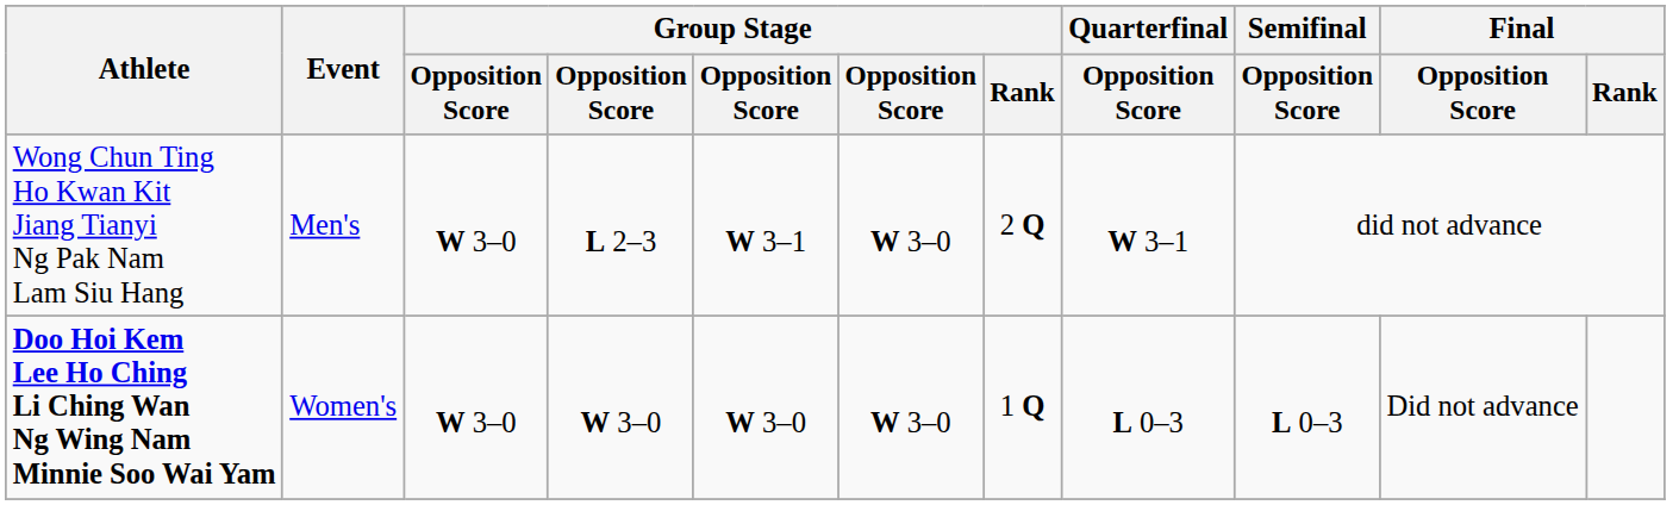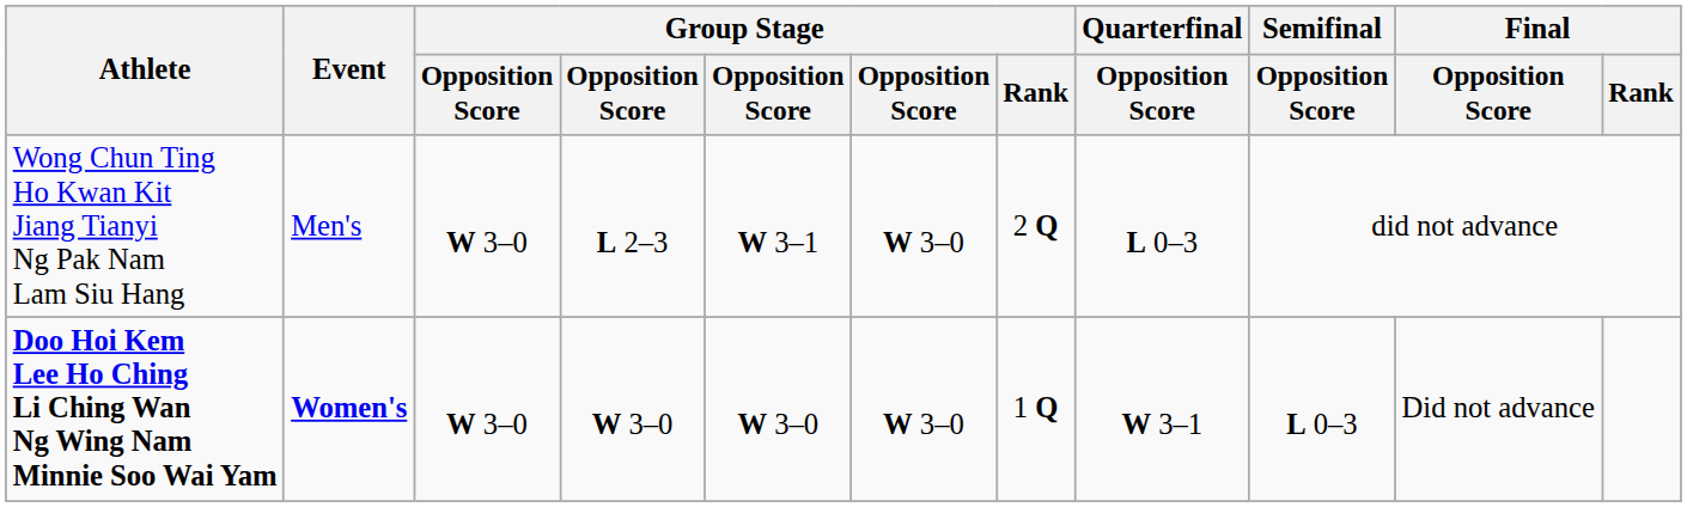 <table class=wikitable style=font-size:87%;text-align:center>
 <tr>
 <th rowspan="2">Athlete</th>
 <th rowspan="2">Event</th>
 <th colspan="5">Group Stage</th>
 <th>Quarterfinal</th>
 <th>Semifinal</th>
 <th colspan="2">Final</th>
 </tr>
 <tr style="font-size:95%">
 <th>Opposition<br>Score</th>
 <th>Opposition<br>Score</th>
 <th>Opposition<br>Score</th>
 <th>Opposition<br>Score</th>
 <th>Rank</th>
 <th>Opposition<br>Score</th>
 <th>Opposition<br>Score</th>
 <th>Opposition<br>Score</th>
 <th>Rank</th>
 </tr>
 <tr>
 <td align=left><a href='#'>Wong Chun Ting</a><br><a href='#'>Ho Kwan Kit</a><br><a href='#'>Jiang Tianyi</a><br>Ng Pak Nam<br>Lam Siu Hang</td>
 <td align=left><a href='#'>Men's</a></td>
 <td><br><strong>W</strong> 3–0</td>
 <td><br><strong>L</strong> 2–3</td>
 <td><br><strong>W</strong> 3–1</td>
 <td><br><strong>W</strong> 3–0</td>
 <td>2 <strong>Q</strong></td>
-<td><br><strong>W</strong> 3–1</td>
+<td><br><strong>L</strong> 0–3</td>
 <td colspan=3>did not advance</td>
 </tr>
 <tr>
 <td align=left><strong><a href='#'>Doo Hoi Kem</a><br><a href='#'>Lee Ho Ching</a><br>Li Ching Wan<br>Ng Wing Nam<br>Minnie Soo Wai Yam</strong></td>
-<td align=left><a href='#'>Women's</a></td>
+<td align=left><strong><a href='#'>Women's</a></strong></td>
 <td><br><strong>W</strong> 3–0</td>
 <td><br><strong>W</strong> 3–0</td>
 <td><br><strong>W</strong> 3–0</td>
 <td><br><strong>W</strong> 3–0</td>
 <td>1 <strong>Q</strong></td>
-<td><br><strong>L</strong> 0–3</td>
+<td><br><strong>W</strong> 3–1</td>
 <td><br><strong>L</strong> 0–3</td>
 <td>Did not advance</td>
 <td></td>
 </tr>
 </table>
